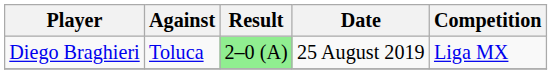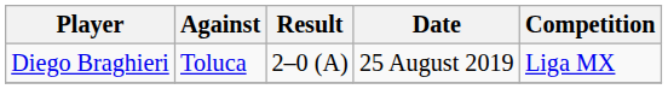 <table class="wikitable">
 <tr>
 <th>Player</th>
 <th>Against</th>
 <th>Result</th>
 <th>Date</th>
 <th>Competition</th>
 </tr>
 <tr>
 <td> <a href='#'>Diego Braghieri</a></td>
 <td><a href='#'>Toluca</a></td>
-<td style="background: lightgreen;">2–0 (A)</td>
+<td>2–0 (A)</td>
 <td>25 August 2019</td>
 <td><a href='#'>Liga MX</a></td>
 </tr>
 <tr>
 </tr>
 </table>
